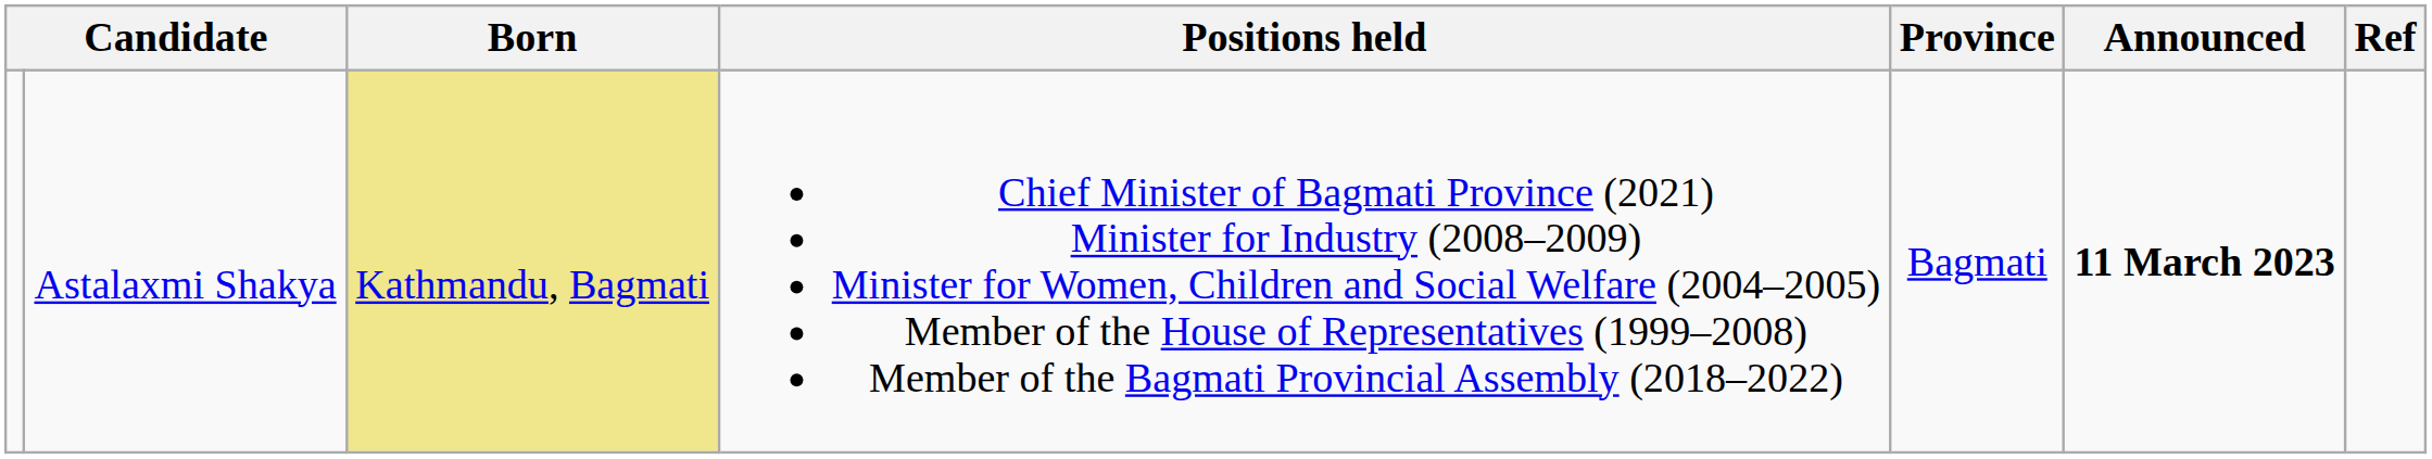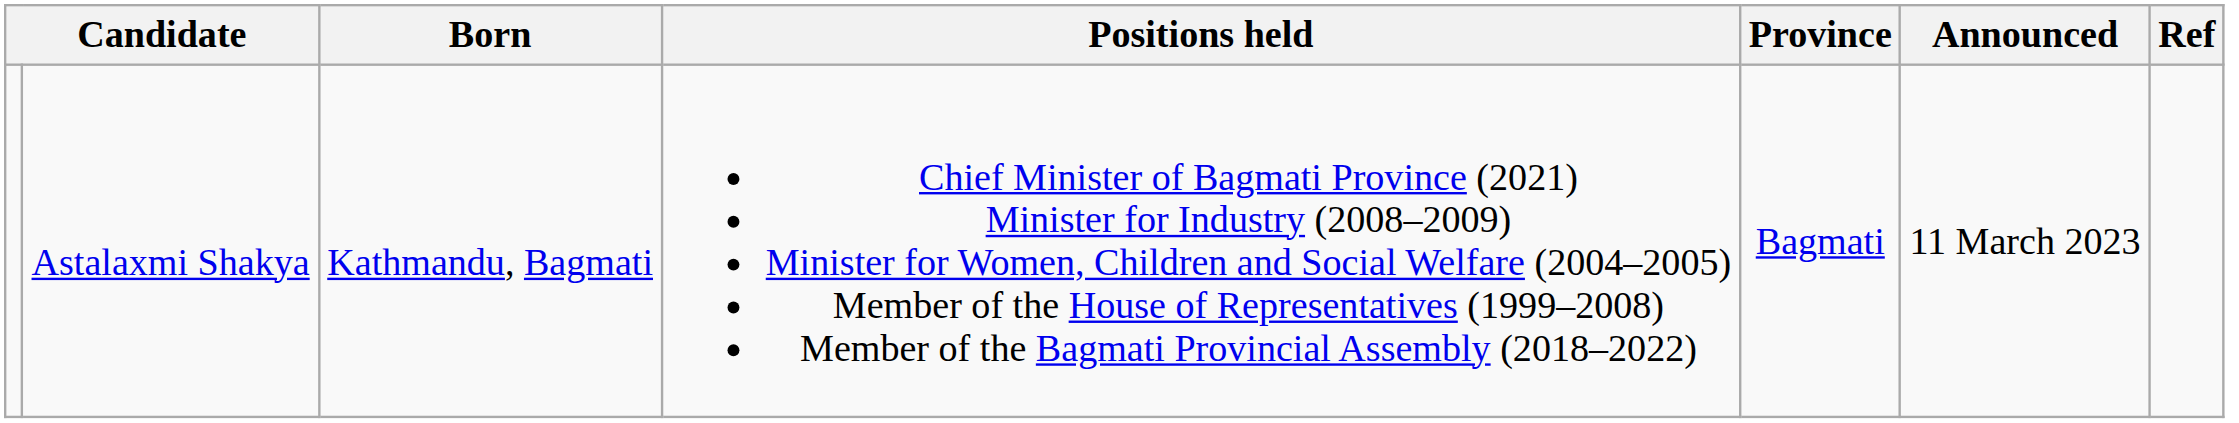 <table class="wikitable sortable" style="text-align:center">
 <tr>
 <th colspan="2">Candidate</th>
 <th>Born</th>
 <th>Positions held</th>
 <th>Province</th>
 <th>Announced</th>
 <th class="unsortable">Ref</th>
 </tr>
 <tr>
 <td></td>
 <td><br><a href='#'>Astalaxmi Shakya</a></td>
-<td style="background: khaki;"><br><a href='#'>Kathmandu</a>, <a href='#'>Bagmati</a></td>
+<td><br><a href='#'>Kathmandu</a>, <a href='#'>Bagmati</a></td>
 <td><br><ul><li><a href='#'>Chief Minister of Bagmati Province</a> (2021)</li><li><a href='#'>Minister for Industry</a> (2008–2009)</li><li><a href='#'>Minister for Women, Children and Social Welfare</a> (2004–2005)</li><li>Member of the <a href='#'>House of Representatives</a> (1999–2008)</li><li>Member of the <a href='#'>Bagmati Provincial Assembly</a> (2018–2022)</li></ul></td>
 <td><a href='#'>Bagmati</a></td>
-<td><strong>11 March 2023</strong></td>
+<td>11 March 2023</td>
 <td></td>
 </tr>
 </table>
